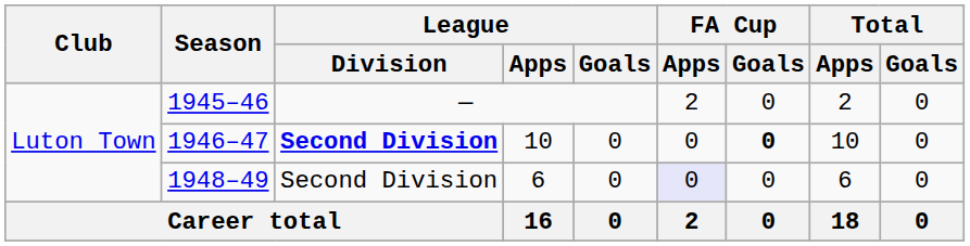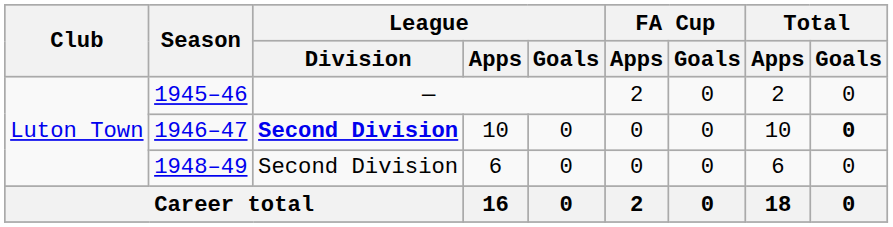 <table class="wikitable" style="text-align:center">
 <tr>
 <th rowspan="2">Club</th>
 <th rowspan="2">Season</th>
 <th colspan="3">League</th>
 <th colspan="2">FA Cup</th>
 <th colspan="2">Total</th>
 </tr>
 <tr>
 <th>Division</th>
 <th>Apps</th>
 <th>Goals</th>
 <th>Apps</th>
 <th>Goals</th>
 <th>Apps</th>
 <th>Goals</th>
 </tr>
 <tr>
 <td rowspan="3"><a href='#'>Luton Town</a></td>
 <td><a href='#'>1945–46</a></td>
 <td colspan="3">―</td>
 <td>2</td>
 <td>0</td>
 <td>2</td>
 <td>0</td>
 </tr>
 <tr>
 <td><a href='#'>1946–47</a></td>
 <td><strong><a href='#'>Second Division</a></strong></td>
 <td>10</td>
 <td>0</td>
 <td>0</td>
+<td>0</td>
+<td>10</td>
 <td><strong>0</strong></td>
-<td>10</td>
-<td>0</td>
 </tr>
 <tr>
 <td><a href='#'>1948–49</a></td>
 <td>Second Division</td>
 <td>6</td>
 <td>0</td>
-<td style="background: lavender;">0</td>
+<td>0</td>
 <td>0</td>
 <td>6</td>
 <td>0</td>
 </tr>
 <tr>
 <th colspan="3">Career total</th>
 <th>16</th>
 <th>0</th>
 <th>2</th>
 <th>0</th>
 <th>18</th>
 <th>0</th>
 </tr>
 </table>
